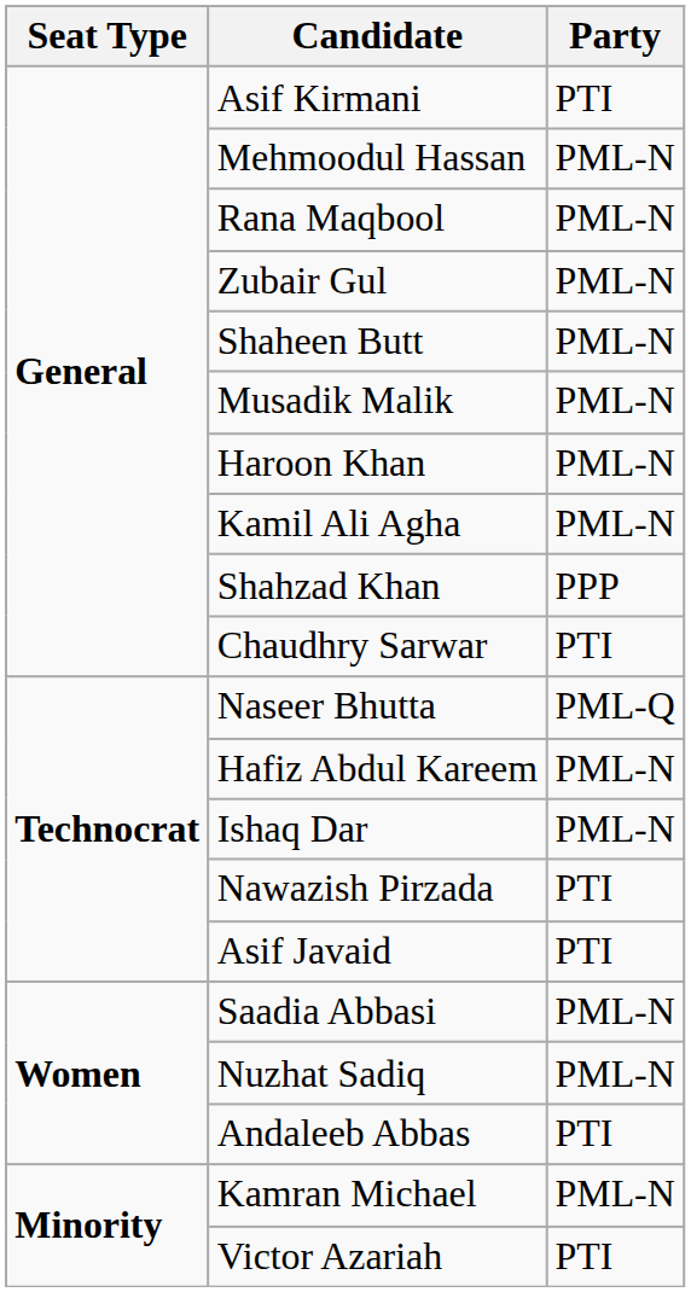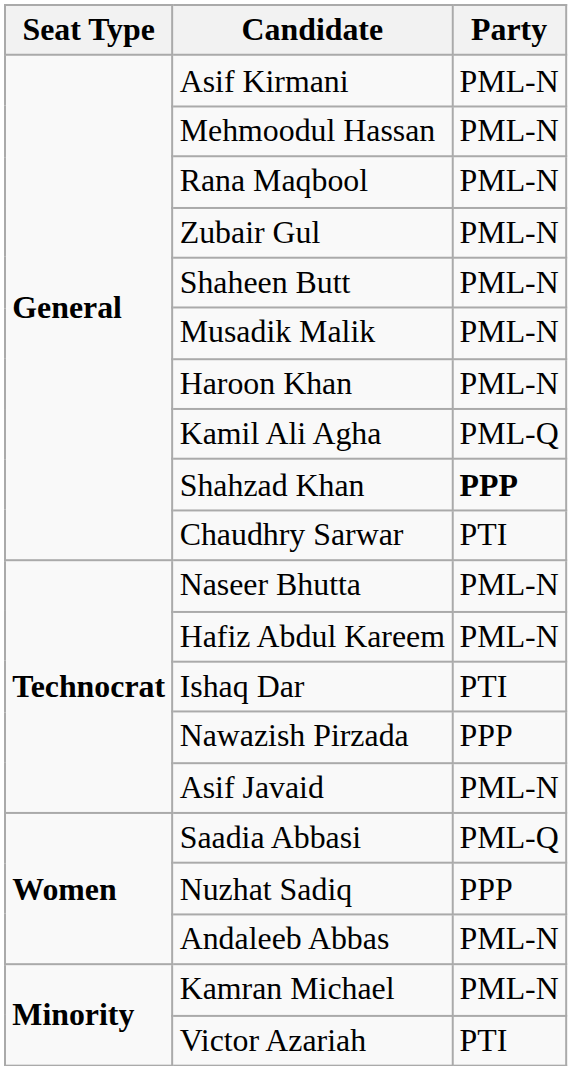 <table class="wikitable">
 <tr>
 <th>Seat Type</th>
 <th>Candidate</th>
 <th>Party</th>
 </tr>
 <tr>
 <td rowspan="10"><strong>General</strong></td>
 <td style="background:">Asif Kirmani</td>
-<td style="background:">PTI</td>
+<td style="background:">PML-N</td>
 </tr>
 <tr>
 <td style="background:">Mehmoodul Hassan</td>
 <td style="background:">PML-N</td>
 </tr>
 <tr>
 <td style="background:">Rana Maqbool</td>
 <td style="background:">PML-N</td>
 </tr>
 <tr>
 <td style="background:">Zubair Gul</td>
 <td style="background:">PML-N</td>
 </tr>
 <tr>
 <td style="background:">Shaheen Butt</td>
 <td style="background:">PML-N</td>
 </tr>
 <tr>
 <td style="background:">Musadik Malik</td>
 <td style="background:">PML-N</td>
 </tr>
 <tr>
 <td style="background:">Haroon Khan</td>
 <td style="background:">PML-N</td>
 </tr>
 <tr>
 <td style="background:">Kamil Ali Agha</td>
-<td style="background:">PML-N</td>
+<td style="background:">PML-Q</td>
 </tr>
 <tr>
 <td style="background:">Shahzad Khan</td>
-<td style="background:">PPP</td>
+<td style="background:"><strong>PPP</strong></td>
 </tr>
 <tr>
 <td style="background:">Chaudhry Sarwar</td>
 <td style="background:">PTI</td>
 </tr>
 <tr>
 <td rowspan="5"><strong>Technocrat</strong></td>
 <td style="background:">Naseer Bhutta</td>
-<td style="background:">PML-Q</td>
+<td style="background:">PML-N</td>
 </tr>
 <tr>
 <td style="background:">Hafiz Abdul Kareem</td>
 <td style="background:">PML-N</td>
 </tr>
 <tr>
 <td style="background:">Ishaq Dar</td>
-<td style="background:">PML-N</td>
+<td style="background:">PTI</td>
 </tr>
 <tr>
 <td style="background:">Nawazish Pirzada</td>
-<td style="background:">PTI</td>
+<td style="background:">PPP</td>
 </tr>
 <tr>
 <td style="background:">Asif Javaid</td>
-<td style="background:">PTI</td>
+<td style="background:">PML-N</td>
 </tr>
 <tr>
 <td rowspan="3"><strong>Women</strong></td>
 <td style="background:">Saadia Abbasi</td>
-<td style="background:">PML-N</td>
+<td style="background:">PML-Q</td>
 </tr>
 <tr>
 <td style="background:">Nuzhat Sadiq</td>
-<td style="background:">PML-N</td>
+<td style="background:">PPP</td>
 </tr>
 <tr>
 <td style="background:">Andaleeb Abbas</td>
-<td style="background:">PTI</td>
+<td style="background:">PML-N</td>
 </tr>
 <tr>
 <td rowspan="2"><strong>Minority</strong></td>
 <td style="background:">Kamran Michael</td>
 <td style="background:">PML-N</td>
 </tr>
 <tr>
 <td style="background:">Victor Azariah</td>
 <td style="background:">PTI</td>
 </tr>
 </table>
